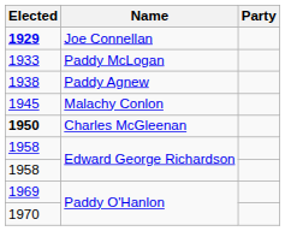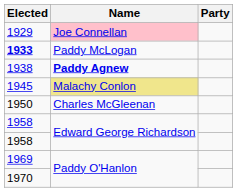 <table class="wikitable">
 <tr>
 <th>Elected</th>
 <th>Name</th>
 <th colspan=2>Party</th>
 </tr>
 <tr>
-<td><strong><a href='#'>1929</a></strong></td>
-<td><a href='#'>Joe Connellan</a></td>
+<td><a href='#'>1929</a></td>
+<td style="background: pink;"><a href='#'>Joe Connellan</a></td>
 <td></td>
 </tr>
 <tr>
-<td><a href='#'>1933</a></td>
+<td><strong><a href='#'>1933</a></strong></td>
 <td><a href='#'>Paddy McLogan</a></td>
 <td></td>
 </tr>
 <tr>
 <td><a href='#'>1938</a></td>
-<td><a href='#'>Paddy Agnew</a></td>
+<td><strong><a href='#'>Paddy Agnew</a></strong></td>
 <td></td>
 </tr>
 <tr>
 <td><a href='#'>1945</a></td>
-<td><a href='#'>Malachy Conlon</a></td>
+<td style="background: khaki;"><a href='#'>Malachy Conlon</a></td>
 <td></td>
 </tr>
 <tr>
-<td><strong>1950</strong></td>
+<td>1950</td>
 <td><a href='#'>Charles McGleenan</a></td>
 <td></td>
 </tr>
 <tr>
 <td><a href='#'>1958</a></td>
 <td rowspan=2><a href='#'>Edward George Richardson</a></td>
 <td></td>
 </tr>
 <tr>
 <td>1958</td>
 <td></td>
 </tr>
 <tr>
 <td><a href='#'>1969</a></td>
 <td rowspan=2><a href='#'>Paddy O'Hanlon</a></td>
 <td></td>
 </tr>
 <tr>
 <td>1970</td>
 <td></td>
 </tr>
 </table>
